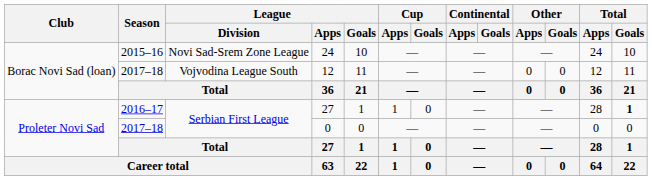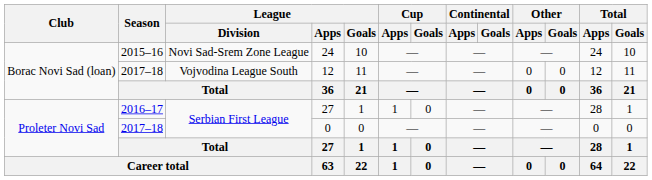 <table class="wikitable" style="text-align:center">
 <tr>
 <th rowspan="2">Club</th>
 <th rowspan="2">Season</th>
 <th colspan="3">League</th>
 <th colspan="2">Cup</th>
 <th colspan="2">Continental</th>
 <th colspan="2">Other</th>
 <th colspan="2">Total</th>
 </tr>
 <tr>
 <th>Division</th>
 <th>Apps</th>
 <th>Goals</th>
 <th>Apps</th>
 <th>Goals</th>
 <th>Apps</th>
 <th>Goals</th>
 <th>Apps</th>
 <th>Goals</th>
 <th>Apps</th>
 <th>Goals</th>
 </tr>
 <tr>
 <td rowspan="3">Borac Novi Sad (loan)</td>
 <td>2015–16</td>
 <td>Novi Sad-Srem Zone League</td>
 <td>24</td>
 <td>10</td>
 <td colspan="2">—</td>
 <td colspan="2">—</td>
 <td colspan="2">—</td>
 <td>24</td>
 <td>10</td>
 </tr>
 <tr>
 <td>2017–18</td>
 <td>Vojvodina League South</td>
 <td>12</td>
 <td>11</td>
 <td colspan="2">—</td>
 <td colspan="2">—</td>
 <td>0</td>
 <td>0</td>
 <td>12</td>
 <td>11</td>
 </tr>
 <tr>
 <th colspan="2">Total</th>
 <th>36</th>
 <th>21</th>
 <th colspan="2">—</th>
 <th colspan="2">—</th>
 <th>0</th>
 <th>0</th>
 <th>36</th>
 <th>21</th>
 </tr>
 <tr>
 <td rowspan="3"><a href='#'>Proleter Novi Sad</a></td>
 <td><a href='#'>2016–17</a></td>
 <td rowspan=2><a href='#'>Serbian First League</a></td>
 <td>27</td>
 <td>1</td>
 <td>1</td>
 <td>0</td>
 <td colspan="2">—</td>
 <td colspan="2">—</td>
 <td>28</td>
-<td><strong>1</strong></td>
+<td>1</td>
 </tr>
 <tr>
 <td><a href='#'>2017–18</a></td>
 <td>0</td>
 <td>0</td>
 <td colspan="2">—</td>
 <td colspan="2">—</td>
 <td colspan="2">—</td>
 <td>0</td>
 <td>0</td>
 </tr>
 <tr>
 <th colspan="2">Total</th>
 <th>27</th>
 <th>1</th>
 <th>1</th>
 <th>0</th>
 <th colspan="2">—</th>
 <th colspan="2">—</th>
 <th>28</th>
 <th>1</th>
 </tr>
 <tr>
 <th colspan="3">Career total</th>
 <th>63</th>
 <th>22</th>
 <th>1</th>
 <th>0</th>
 <th colspan="2">—</th>
 <th>0</th>
 <th>0</th>
 <th>64</th>
 <th>22</th>
 </tr>
 </table>
